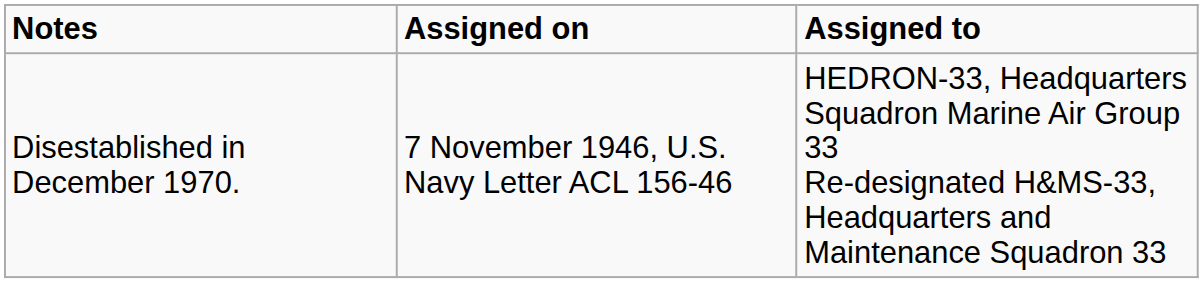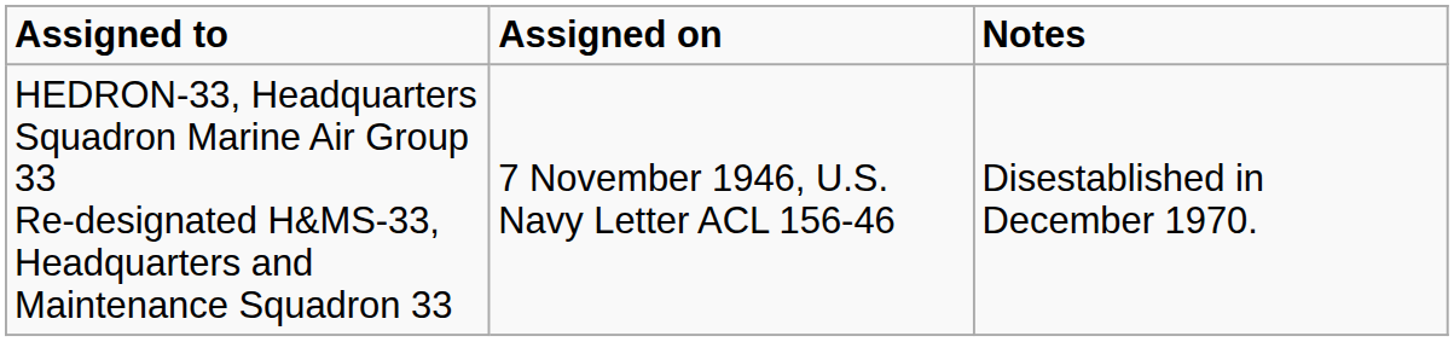 <table class="wikitable" style="width: 70%;">
 <tr>
+<td style="width: 200px;"><strong>Assigned to</strong></td>
+<td style="width: 200px;"><strong>Assigned on</strong></td>
 <td><strong>Notes</strong></td>
-<td style="width: 200px;"><strong>Assigned on</strong></td>
-<td style="width: 200px;"><strong>Assigned to</strong></td>
 </tr>
 <tr>
+<td>HEDRON-33, Headquarters Squadron Marine Air Group 33<br>Re-designated H&MS-33, Headquarters and Maintenance Squadron 33</td>
+<td>7 November 1946, U.S. Navy Letter ACL 156-46</td>
 <td>Disestablished in December 1970.</td>
-<td>7 November 1946, U.S. Navy Letter ACL 156-46</td>
-<td>HEDRON-33, Headquarters Squadron Marine Air Group 33<br>Re-designated H&MS-33, Headquarters and Maintenance Squadron 33</td>
 </tr>
 </table>
